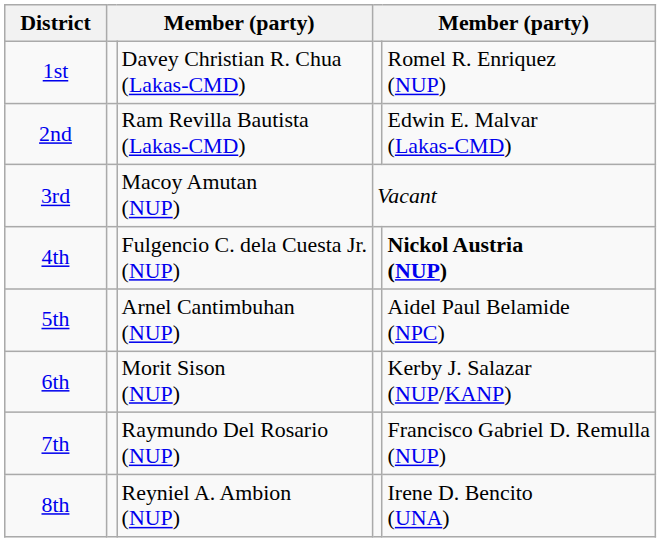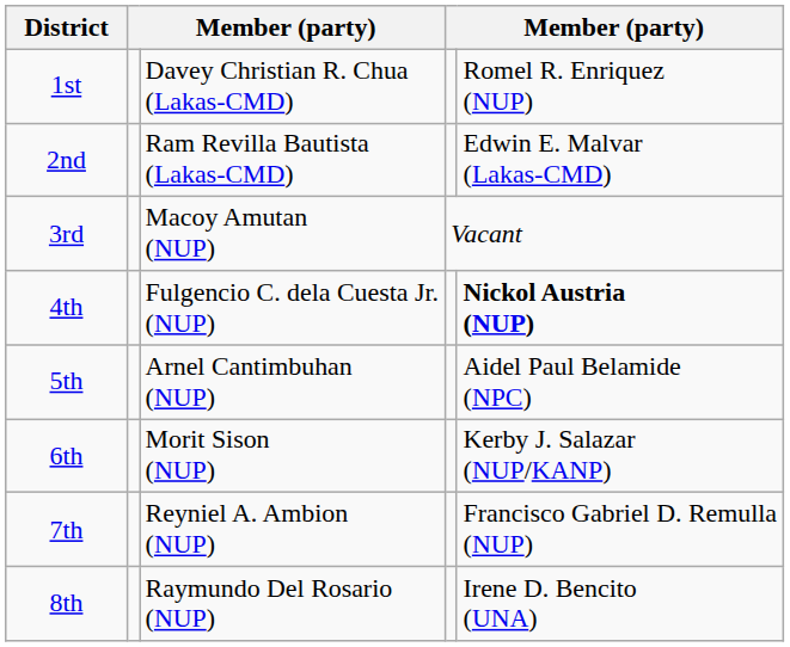 <table class="wikitable" style="font-size:90%">
 <tr>
 <th width="60px">District</th>
 <th colspan="2" width="140px">Member (party)</th>
 <th colspan="2" width="140px">Member (party)</th>
 </tr>
 <tr>
 <td align=center><a href='#'>1st</a></td>
 <td></td>
 <td>Davey Christian R. Chua<br>(<a href='#'>Lakas-CMD</a>)</td>
 <td></td>
 <td>Romel R. Enriquez<br>(<a href='#'>NUP</a>)</td>
 </tr>
 <tr>
 <td align=center><a href='#'>2nd</a></td>
 <td></td>
 <td>Ram Revilla Bautista <br>(<a href='#'>Lakas-CMD</a>)</td>
 <td></td>
 <td>Edwin E. Malvar<br>(<a href='#'>Lakas-CMD</a>)</td>
 </tr>
 <tr>
 <td align=center><a href='#'>3rd</a></td>
 <td></td>
 <td>Macoy Amutan<br>(<a href='#'>NUP</a>)</td>
 <td colspan="2"><em>Vacant</em></td>
 </tr>
 <tr>
 <td align=center><a href='#'>4th</a></td>
 <td></td>
 <td>Fulgencio C. dela Cuesta Jr.<br>(<a href='#'>NUP</a>)</td>
 <td></td>
 <td><strong>Nickol Austria<br>(<a href='#'>NUP</a>)</strong></td>
 </tr>
 <tr>
 <td align=center><a href='#'>5th</a></td>
 <td></td>
 <td>Arnel Cantimbuhan<br>(<a href='#'>NUP</a>)</td>
 <td></td>
 <td>Aidel Paul Belamide<br>(<a href='#'>NPC</a>)</td>
 </tr>
 <tr>
 <td align=center><a href='#'>6th</a></td>
 <td></td>
 <td>Morit Sison<br>(<a href='#'>NUP</a>)</td>
 <td></td>
 <td>Kerby J. Salazar<br>(<a href='#'>NUP</a>/<a href='#'>KANP</a>)</td>
 </tr>
 <tr>
 <td align=center><a href='#'>7th</a></td>
 <td></td>
-<td>Raymundo Del Rosario<br>(<a href='#'>NUP</a>)</td>
+<td>Reyniel A. Ambion<br>(<a href='#'>NUP</a>)</td>
 <td></td>
 <td>Francisco Gabriel D. Remulla<br>(<a href='#'>NUP</a>)</td>
 </tr>
 <tr>
 <td align=center><a href='#'>8th</a></td>
 <td></td>
-<td>Reyniel A. Ambion<br>(<a href='#'>NUP</a>)</td>
+<td>Raymundo Del Rosario<br>(<a href='#'>NUP</a>)</td>
 <td></td>
 <td>Irene D. Bencito<br>(<a href='#'>UNA</a>)</td>
 </tr>
 </table>
